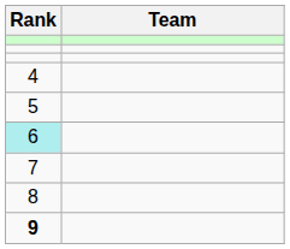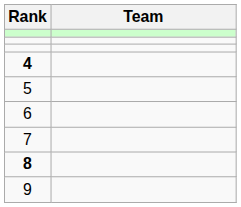 <table class=wikitable style="text-align:center;">
 <tr>
 <th>Rank</th>
 <th width=180>Team</th>
 </tr>
 <tr bgcolor=#CCFFCC>
 <td></td>
 <td align=left></td>
 </tr>
 <tr>
 <td></td>
 <td align=left></td>
 </tr>
 <tr>
 <td></td>
 <td align=left></td>
 </tr>
 <tr>
-<td>4</td>
+<td><strong>4</strong></td>
 <td align=left></td>
 </tr>
 <tr>
 <td>5</td>
 <td align=left></td>
 </tr>
 <tr>
-<td style="background: paleturquoise;">6</td>
+<td>6</td>
 <td align=left></td>
 </tr>
 <tr>
 <td>7</td>
 <td align=left></td>
 </tr>
 <tr>
-<td>8</td>
+<td><strong>8</strong></td>
 <td align=left></td>
 </tr>
 <tr>
-<td><strong>9</strong></td>
+<td>9</td>
 <td align=left></td>
 </tr>
 </table>
